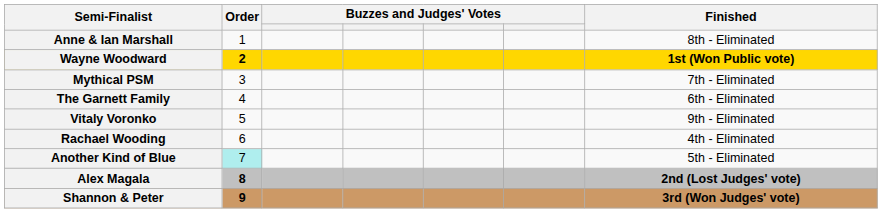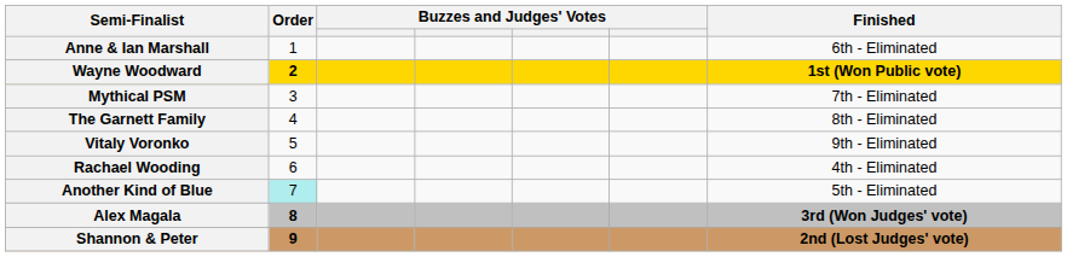 <table class="wikitable plainrowheaders sortable" style="text-align:center;">
 <tr>
 <th scope="col" rowspan="2" class="unsortable" style="width:17em;">Semi-Finalist </th>
 <th scope="col" rowspan="2"  style="width:1em;">Order</th>
 <th scope="col" colspan="4" class="unsortable" style="width:24em;">Buzzes and Judges' Votes</th>
 <th scope="col" rowspan="2" style="width:23em;">Finished </th>
 </tr>
 <tr>
 <th scope="col" class="unsortable" style="width:6em;"></th>
 <th scope="col" class="unsortable" style="width:6em;"></th>
 <th scope="col" class="unsortable" style="width:6em;"></th>
 <th scope="col" class="unsortable" style="width:6em;"></th>
 </tr>
 <tr>
 <th scope="row">Anne & Ian Marshall</th>
 <td>1</td>
 <td style="text-align:center;"></td>
 <td style="text-align:center;"></td>
 <td style="text-align:center;"></td>
 <td style="text-align:center;"></td>
-<td>8th - Eliminated</td>
+<td>6th - Eliminated</td>
 </tr>
 <tr bgcolor=gold>
 <th scope="row"><strong>Wayne Woodward</strong></th>
 <td><strong>2</strong></td>
 <td style="text-align:center;"></td>
 <td style="text-align:center;"></td>
 <td style="text-align:center;"></td>
 <td style="text-align:center;"></td>
 <td><strong>1st (Won Public vote)</strong></td>
 </tr>
 <tr>
 <th scope="row">Mythical PSM</th>
 <td>3</td>
 <td style="text-align:center;"></td>
 <td style="text-align:center;"></td>
 <td style="text-align:center;"></td>
 <td style="text-align:center;"></td>
 <td>7th - Eliminated</td>
 </tr>
 <tr>
 <th scope="row">The Garnett Family</th>
 <td>4</td>
 <td style="text-align:center;"></td>
 <td style="text-align:center;"></td>
 <td style="text-align:center;"></td>
 <td style="text-align:center;"></td>
-<td>6th - Eliminated</td>
+<td>8th - Eliminated</td>
 </tr>
 <tr>
 <th scope="row">Vitaly Voronko</th>
 <td>5</td>
 <td style="text-align:center;"></td>
 <td style="text-align:center;"></td>
 <td style="text-align:center;"></td>
 <td style="text-align:center;"></td>
 <td>9th - Eliminated</td>
 </tr>
 <tr>
 <th scope="row">Rachael Wooding</th>
 <td>6</td>
 <td style="text-align:center;"></td>
 <td style="text-align:center;"></td>
 <td style="text-align:center;"></td>
 <td style="text-align:center;"></td>
 <td>4th - Eliminated</td>
 </tr>
 <tr>
 <th scope="row">Another Kind of Blue</th>
 <td style="background: paleturquoise;">7</td>
 <td style="text-align:center;"></td>
 <td style="text-align:center;"></td>
 <td style="text-align:center;"></td>
 <td style="text-align:center;"></td>
 <td>5th - Eliminated</td>
 </tr>
 <tr bgcolor=silver>
 <th scope="row"><strong>Alex Magala</strong></th>
 <td><strong>8</strong></td>
 <td style="text-align:center;"></td>
 <td style="text-align:center;"></td>
 <td style="text-align:center;"></td>
 <td style="text-align:center;"></td>
-<td><strong>2nd (Lost Judges' vote)</strong></td>
+<td><strong>3rd (Won Judges' vote)</strong></td>
 </tr>
 <tr bgcolor=#c96>
 <th scope="row"><strong>Shannon & Peter</strong> </th>
 <td><strong>9</strong></td>
 <td style="text-align:center;"></td>
 <td style="text-align:center;"></td>
 <td style="text-align:center;"></td>
 <td style="text-align:center;"></td>
-<td><strong>3rd (Won Judges' vote)</strong></td>
+<td><strong>2nd (Lost Judges' vote)</strong></td>
 </tr>
 </table>
